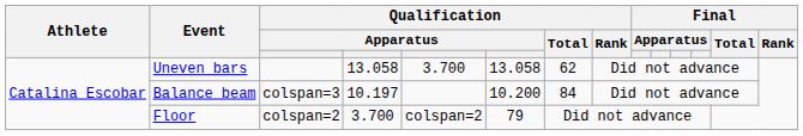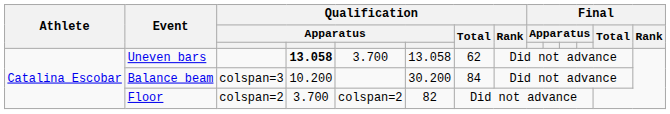 <table class="wikitable" style="font-size:90%">
 <tr>
 <th rowspan=3>Athlete</th>
 <th rowspan=3>Event</th>
 <th colspan=6>Qualification</th>
 <th colspan=6>Final</th>
 </tr>
 <tr style="font-size:95%">
 <th colspan=4>Apparatus</th>
 <th rowspan=2>Total</th>
 <th rowspan=2>Rank</th>
 <th colspan=4>Apparatus</th>
 <th rowspan=2>Total</th>
 <th rowspan=2>Rank</th>
 </tr>
 <tr style="font-size:95%">
 <th></th>
 <th></th>
 <th></th>
 <th></th>
 <th></th>
 <th></th>
 <th></th>
 <th></th>
 </tr>
 <tr align=center>
 <td align=left rowspan=3><a href='#'>Catalina Escobar</a></td>
 <td align=left><a href='#'>Uneven bars</a></td>
 <td></td>
-<td>13.058</td>
+<td><strong>13.058</strong></td>
 <td>3.700</td>
 <td>13.058</td>
 <td>62</td>
 <td colspan=6>Did not advance</td>
 </tr>
 <tr align=center>
 <td align=left><a href='#'>Balance beam</a></td>
 <td>colspan=3 </td>
-<td>10.197</td>
+<td>10.200</td>
 <td></td>
-<td>10.200</td>
+<td>30.200</td>
 <td>84</td>
 <td colspan=6>Did not advance</td>
 </tr>
 <tr align=center>
 <td align=left><a href='#'>Floor</a></td>
 <td>colspan=2 </td>
 <td>3.700</td>
 <td>colspan=2 </td>
-<td>79</td>
+<td>82</td>
 <td colspan=6>Did not advance</td>
 </tr>
 </table>
